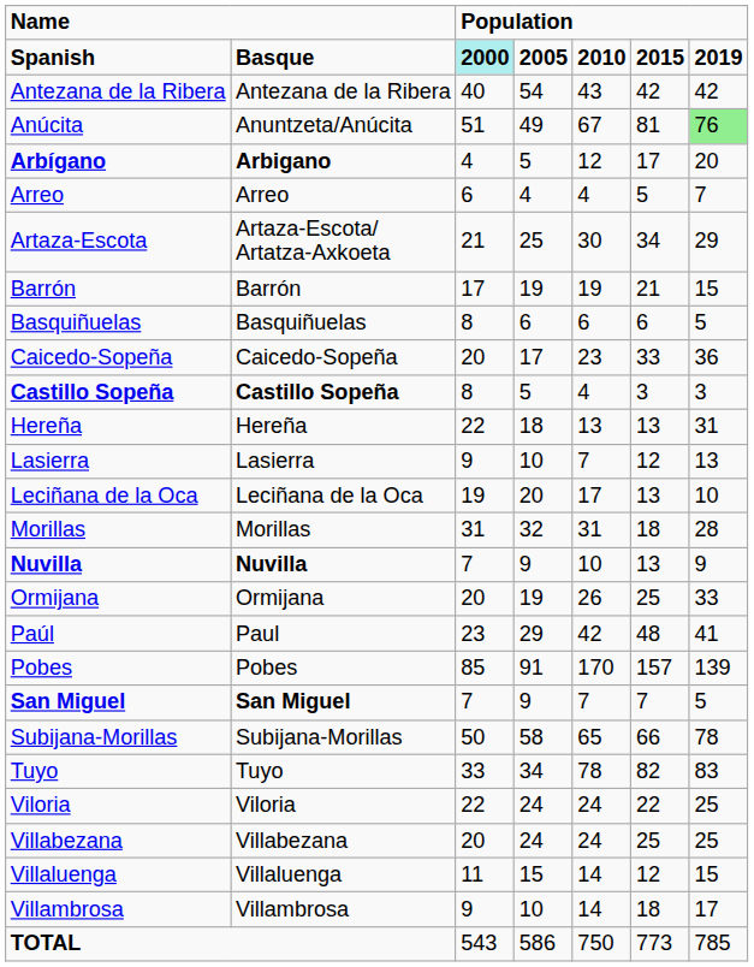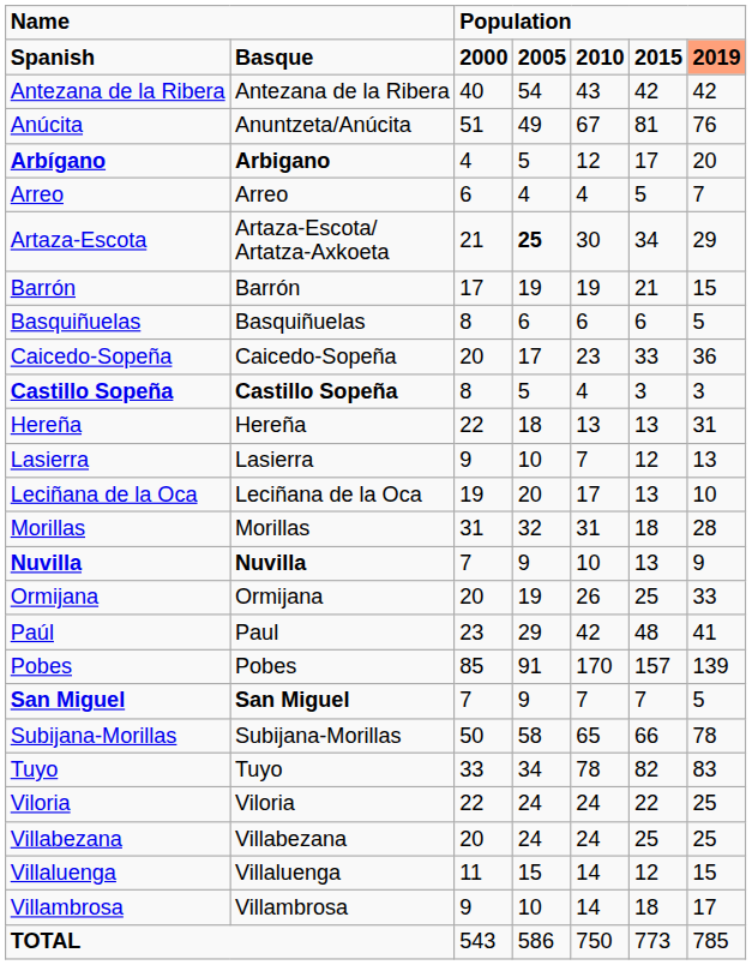 <table class="wikitable">
 <tr>
 <td colspan="2"><strong>Name</strong></td>
 <td colspan="5"><strong>Population</strong></td>
 </tr>
 <tr>
 <td><strong>Spanish</strong></td>
 <td><strong>Basque</strong></td>
-<td style="background: paleturquoise;"><strong>2000</strong></td>
+<td><strong>2000</strong></td>
 <td><strong>2005</strong></td>
 <td><strong>2010</strong></td>
 <td><strong>2015</strong></td>
-<td><strong>2019</strong></td>
+<td style="background: lightsalmon;"><strong>2019</strong></td>
 </tr>
 <tr>
 <td><a href='#'>Antezana de la Ribera</a></td>
 <td>Antezana de la Ribera</td>
 <td>40</td>
 <td>54</td>
 <td>43</td>
 <td>42</td>
 <td>42</td>
 </tr>
 <tr>
 <td><a href='#'>Anúcita</a></td>
 <td>Anuntzeta/Anúcita</td>
 <td>51</td>
 <td>49</td>
 <td>67</td>
 <td>81</td>
-<td style="background: lightgreen;">76</td>
+<td>76</td>
 </tr>
 <tr>
 <td><strong><a href='#'>Arbígano</a></strong></td>
 <td><strong>Arbigano</strong></td>
 <td>4</td>
 <td>5</td>
 <td>12</td>
 <td>17</td>
 <td>20</td>
 </tr>
 <tr>
 <td><a href='#'>Arreo</a></td>
 <td>Arreo</td>
 <td>6</td>
 <td>4</td>
 <td>4</td>
 <td>5</td>
 <td>7</td>
 </tr>
 <tr>
 <td><a href='#'>Artaza-Escota</a></td>
 <td>Artaza-Escota/<br>Artatza-Axkoeta</td>
 <td>21</td>
-<td>25</td>
+<td><strong>25</strong></td>
 <td>30</td>
 <td>34</td>
 <td>29</td>
 </tr>
 <tr>
 <td><a href='#'>Barrón</a></td>
 <td>Barrón</td>
 <td>17</td>
 <td>19</td>
 <td>19</td>
 <td>21</td>
 <td>15</td>
 </tr>
 <tr>
 <td><a href='#'>Basquiñuelas</a></td>
 <td>Basquiñuelas</td>
 <td>8</td>
 <td>6</td>
 <td>6</td>
 <td>6</td>
 <td>5</td>
 </tr>
 <tr>
 <td><a href='#'>Caicedo-Sopeña</a></td>
 <td>Caicedo-Sopeña</td>
 <td>20</td>
 <td>17</td>
 <td>23</td>
 <td>33</td>
 <td>36</td>
 </tr>
 <tr>
 <td><strong><a href='#'>Castillo Sopeña</a></strong></td>
 <td><strong>Castillo Sopeña</strong></td>
 <td>8</td>
 <td>5</td>
 <td>4</td>
 <td>3</td>
 <td>3</td>
 </tr>
 <tr>
 <td><a href='#'>Hereña</a></td>
 <td>Hereña</td>
 <td>22</td>
 <td>18</td>
 <td>13</td>
 <td>13</td>
 <td>31</td>
 </tr>
 <tr>
 <td><a href='#'>Lasierra</a></td>
 <td>Lasierra</td>
 <td>9</td>
 <td>10</td>
 <td>7</td>
 <td>12</td>
 <td>13</td>
 </tr>
 <tr>
 <td><a href='#'>Leciñana de la Oca</a></td>
 <td>Leciñana de la Oca</td>
 <td>19</td>
 <td>20</td>
 <td>17</td>
 <td>13</td>
 <td>10</td>
 </tr>
 <tr>
 <td><a href='#'>Morillas</a></td>
 <td>Morillas</td>
 <td>31</td>
 <td>32</td>
 <td>31</td>
 <td>18</td>
 <td>28</td>
 </tr>
 <tr>
 <td><strong><a href='#'>Nuvilla</a></strong></td>
 <td><strong>Nuvilla</strong></td>
 <td>7</td>
 <td>9</td>
 <td>10</td>
 <td>13</td>
 <td>9</td>
 </tr>
 <tr>
 <td><a href='#'>Ormijana</a></td>
 <td>Ormijana</td>
 <td>20</td>
 <td>19</td>
 <td>26</td>
 <td>25</td>
 <td>33</td>
 </tr>
 <tr>
 <td><a href='#'>Paúl</a></td>
 <td>Paul</td>
 <td>23</td>
 <td>29</td>
 <td>42</td>
 <td>48</td>
 <td>41</td>
 </tr>
 <tr>
 <td><a href='#'>Pobes</a></td>
 <td>Pobes</td>
 <td>85</td>
 <td>91</td>
 <td>170</td>
 <td>157</td>
 <td>139</td>
 </tr>
 <tr>
 <td><strong><a href='#'>San Miguel</a></strong></td>
 <td><strong>San Miguel</strong></td>
 <td>7</td>
 <td>9</td>
 <td>7</td>
 <td>7</td>
 <td>5</td>
 </tr>
 <tr>
 <td><a href='#'>Subijana-Morillas</a></td>
 <td>Subijana-Morillas</td>
 <td>50</td>
 <td>58</td>
 <td>65</td>
 <td>66</td>
 <td>78</td>
 </tr>
 <tr>
 <td><a href='#'>Tuyo</a></td>
 <td>Tuyo</td>
 <td>33</td>
 <td>34</td>
 <td>78</td>
 <td>82</td>
 <td>83</td>
 </tr>
 <tr>
 <td><a href='#'>Viloria</a></td>
 <td>Viloria</td>
 <td>22</td>
 <td>24</td>
 <td>24</td>
 <td>22</td>
 <td>25</td>
 </tr>
 <tr>
 <td><a href='#'>Villabezana</a></td>
 <td>Villabezana</td>
 <td>20</td>
 <td>24</td>
 <td>24</td>
 <td>25</td>
 <td>25</td>
 </tr>
 <tr>
 <td><a href='#'>Villaluenga</a></td>
 <td>Villaluenga</td>
 <td>11</td>
 <td>15</td>
 <td>14</td>
 <td>12</td>
 <td>15</td>
 </tr>
 <tr>
 <td><a href='#'>Villambrosa</a></td>
 <td>Villambrosa</td>
 <td>9</td>
 <td>10</td>
 <td>14</td>
 <td>18</td>
 <td>17</td>
 </tr>
 <tr>
 <td colspan="2"><strong>TOTAL</strong></td>
 <td>543</td>
 <td>586</td>
 <td>750</td>
 <td>773</td>
 <td>785</td>
 </tr>
 </table>
